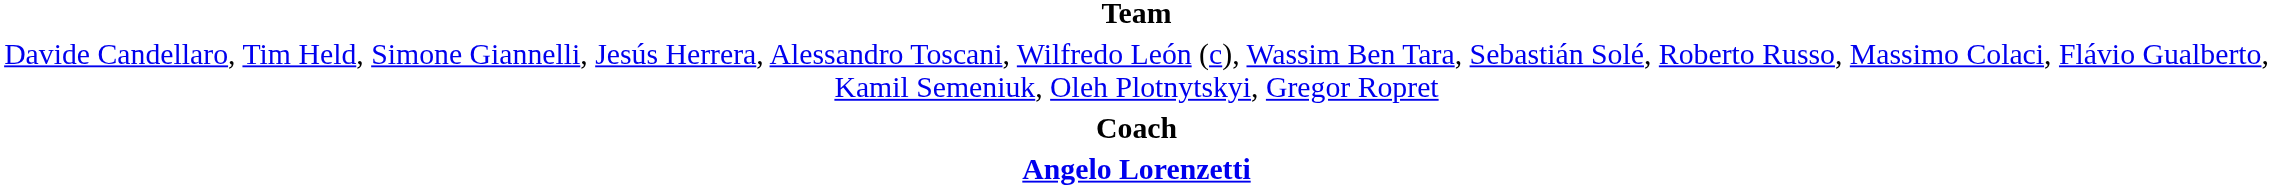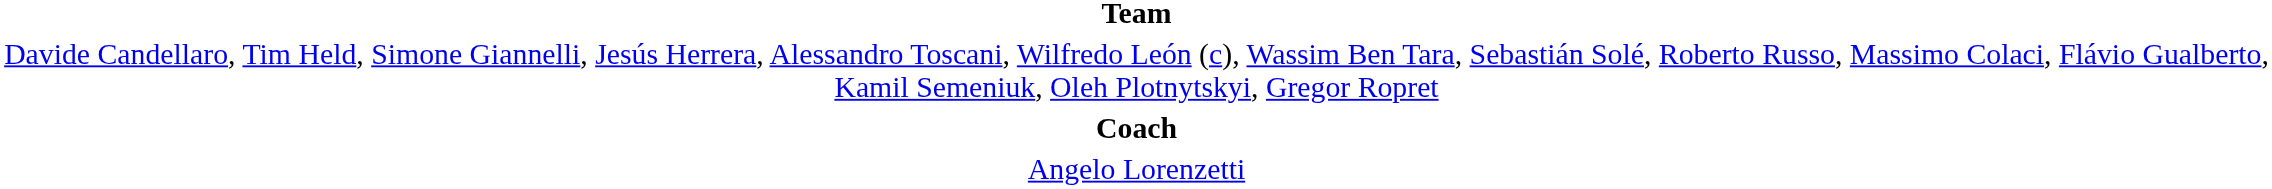 <table style="text-align:center; margin-top:2em; margin-left:auto; margin-right:auto">
 <tr>
 <td><strong>Team</strong></td>
 </tr>
 <tr>
 <td><a href='#'>Davide Candellaro</a>, <a href='#'>Tim Held</a>, <a href='#'>Simone Giannelli</a>, <a href='#'>Jesús Herrera</a>, <a href='#'>Alessandro Toscani</a>, <a href='#'>Wilfredo León</a> (<a href='#'>c</a>), <a href='#'>Wassim Ben Tara</a>, <a href='#'>Sebastián Solé</a>, <a href='#'>Roberto Russo</a>, <a href='#'>Massimo Colaci</a>, <a href='#'>Flávio Gualberto</a>, <a href='#'>Kamil Semeniuk</a>, <a href='#'>Oleh Plotnytskyi</a>, <a href='#'>Gregor Ropret</a></td>
 </tr>
 <tr>
 <td><strong>Coach</strong></td>
 </tr>
 <tr>
-<td><strong> <a href='#'>Angelo Lorenzetti</a></strong></td>
+<td> <a href='#'>Angelo Lorenzetti</a></td>
 </tr>
 </table>
